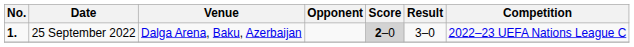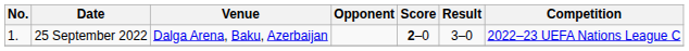 <table class="wikitable">
 <tr>
 <th>No.</th>
 <th>Date</th>
 <th>Venue</th>
 <th>Opponent</th>
 <th>Score</th>
 <th>Result</th>
 <th>Competition</th>
 </tr>
 <tr>
-<td><strong>1.</strong></td>
+<td>1.</td>
 <td>25 September 2022</td>
 <td><a href='#'>Dalga Arena</a>, <a href='#'>Baku</a>, <a href='#'>Azerbaijan</a></td>
 <td></td>
-<td align=center style="background: lightgrey;"><strong>2</strong>–0</td>
+<td align=center><strong>2</strong>–0</td>
 <td align=center>3–0</td>
 <td><a href='#'>2022–23 UEFA Nations League C</a></td>
 </tr>
 <tr>
 </tr>
 </table>
